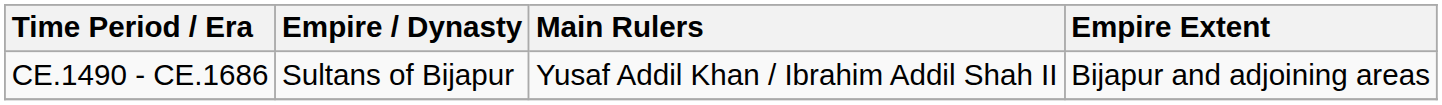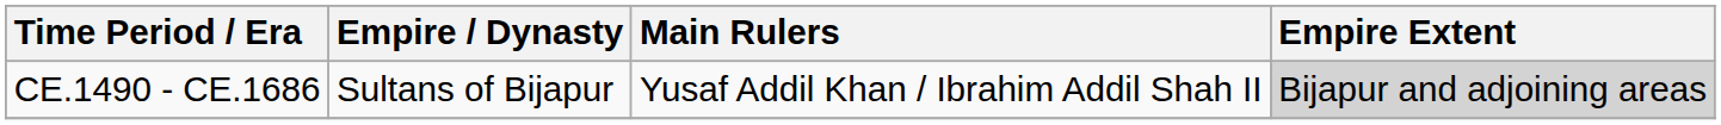 <table class="wikitable">
 <tr>
 <th style="text-align: left;">Time Period / Era</th>
 <th style="text-align: left;">Empire / Dynasty</th>
 <th style="text-align: left;">Main Rulers</th>
 <th style="text-align: left;">Empire Extent</th>
 </tr>
 <tr>
 <td>CE.1490 - CE.1686</td>
 <td>Sultans of Bijapur</td>
 <td>Yusaf Addil Khan / Ibrahim Addil Shah II</td>
-<td>Bijapur and adjoining areas</td>
+<td style="background: lightgrey;">Bijapur and adjoining areas</td>
 </tr>
 <tr>
 </tr>
 </table>
